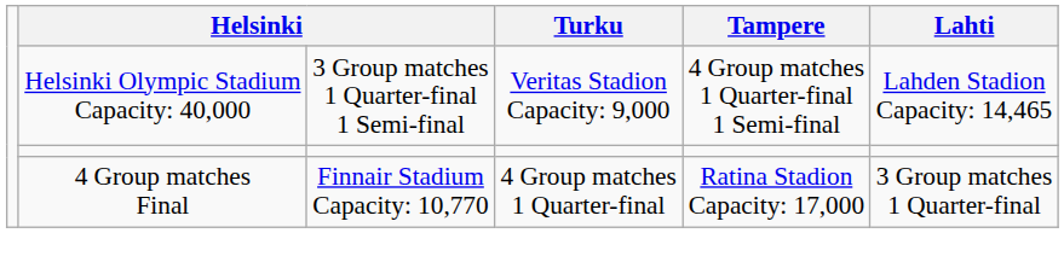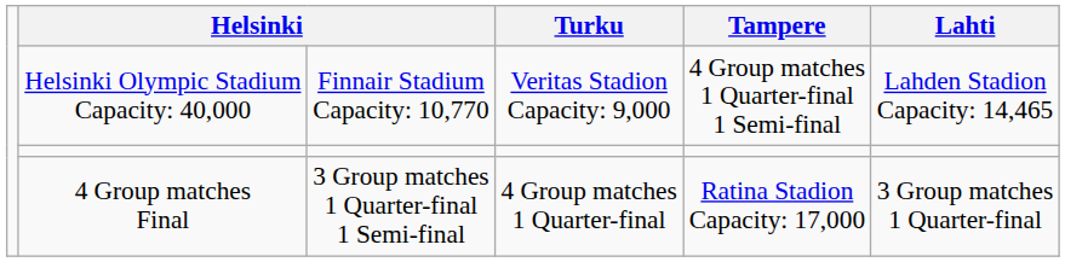 <table class="wikitable" style="text-align:center; margin-left:auto; margin-right:auto;">
 <tr>
 <td rowspan="4"><br><div>         </div></td>
 <th colspan="2"><a href='#'>Helsinki</a></th>
 <th><a href='#'>Turku</a></th>
 <th><a href='#'>Tampere</a></th>
 <th><a href='#'>Lahti</a></th>
 </tr>
 <tr>
 <td><a href='#'>Helsinki Olympic Stadium</a><br>Capacity: 40,000</td>
-<td>3 Group matches <br> 1 Quarter-final <br> 1 Semi-final</td>
+<td><a href='#'>Finnair Stadium</a><br>Capacity: 10,770</td>
 <td><a href='#'>Veritas Stadion</a><br>Capacity: 9,000</td>
 <td>4 Group matches <br> 1 Quarter-final <br> 1 Semi-final</td>
 <td><a href='#'>Lahden Stadion</a><br>Capacity: 14,465</td>
 </tr>
 <tr>
 <td></td>
 <td></td>
 <td></td>
 <td></td>
 <td></td>
 </tr>
 <tr>
 <td>4 Group matches <br> Final</td>
-<td><a href='#'>Finnair Stadium</a><br>Capacity: 10,770</td>
+<td>3 Group matches <br> 1 Quarter-final <br> 1 Semi-final</td>
 <td>4 Group matches <br> 1 Quarter-final</td>
 <td><a href='#'>Ratina Stadion</a><br>Capacity: 17,000</td>
 <td>3 Group matches <br> 1 Quarter-final</td>
 </tr>
 </table>
